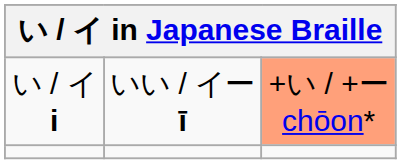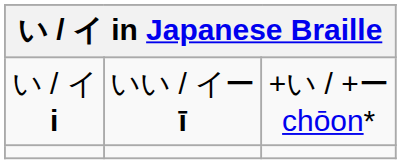 <table class="wikitable nowrap" style="text-align:center">
 <tr>
 <th colspan=3>い / イ in <a href='#'>Japanese Braille</a></th>
 </tr>
 <tr>
 <td>い / イ <br><strong>i</strong></td>
 <td>いい / イー <br><strong>ī</strong></td>
-<td style="background: lightsalmon;">+い / +ー <br><a href='#'>chōon</a>*</td>
+<td>+い / +ー <br><a href='#'>chōon</a>*</td>
 </tr>
 <tr>
 <td></td>
 <td></td>
 <td></td>
 </tr>
 </table>
